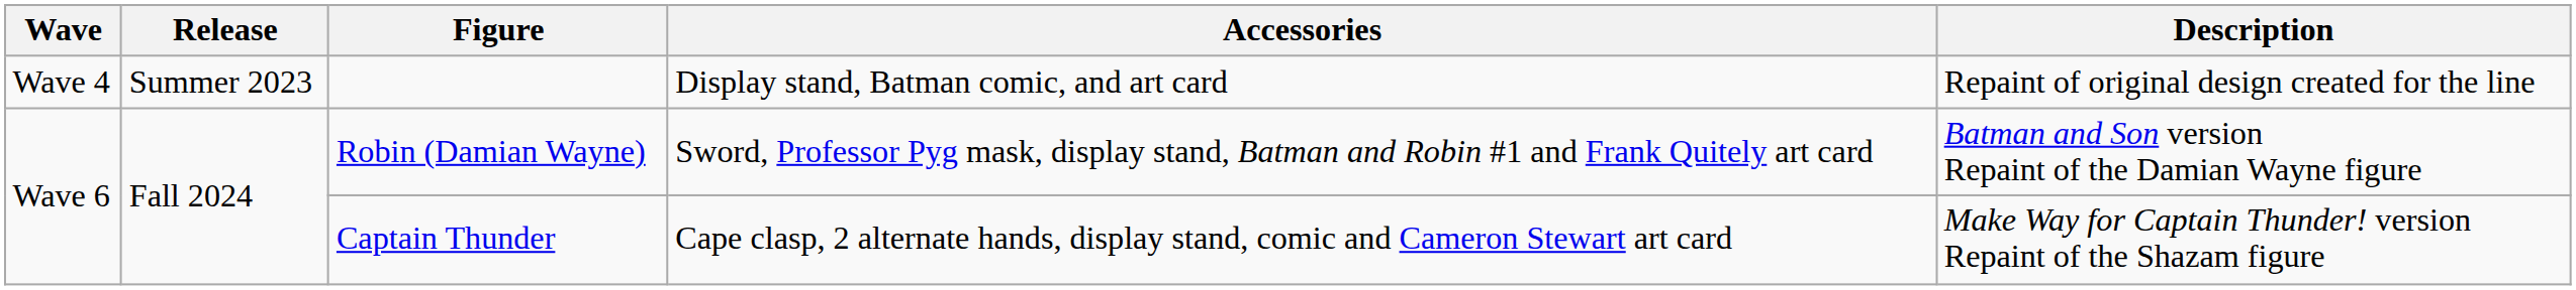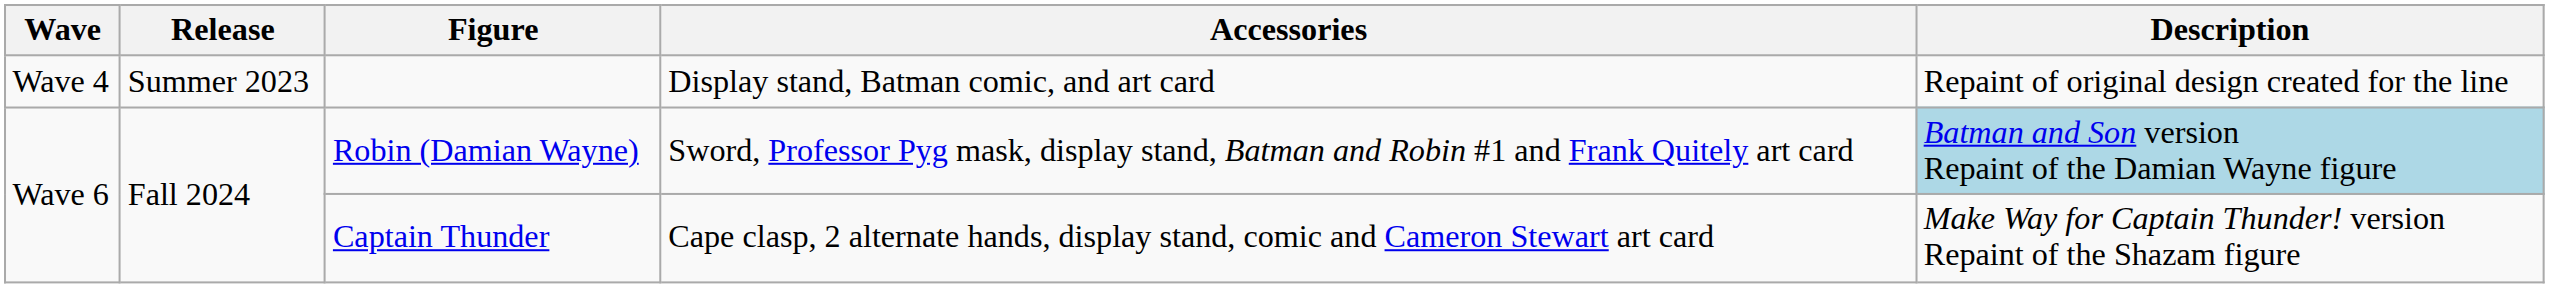 <table class="wikitable" style="width:100%;">
 <tr>
 <th scope="col" width="50">Wave</th>
 <th scope="col">Release</th>
 <th scope="col">Figure</th>
 <th scope="col">Accessories</th>
 <th scope="col">Description</th>
 </tr>
 <tr>
 <td>Wave 4</td>
 <td>Summer 2023</td>
 <td></td>
 <td>Display stand, Batman comic, and art card</td>
 <td>Repaint of original design created for the line</td>
 </tr>
 <tr>
 <td rowspan=2>Wave 6</td>
 <td rowspan=2>Fall 2024</td>
 <td><a href='#'>Robin (Damian Wayne)</a></td>
 <td>Sword, <a href='#'>Professor Pyg</a> mask, display stand, <em>Batman and Robin</em> #1 and <a href='#'>Frank Quitely</a> art card</td>
-<td><em><a href='#'>Batman and Son</a></em> version<br>Repaint of the Damian Wayne figure</td>
+<td style="background: lightblue;"><em><a href='#'>Batman and Son</a></em> version<br>Repaint of the Damian Wayne figure</td>
 </tr>
 <tr>
 <td><a href='#'>Captain Thunder</a></td>
 <td>Cape clasp, 2 alternate hands, display stand, comic and <a href='#'>Cameron Stewart</a> art card</td>
 <td><em>Make Way for Captain Thunder!</em> version<br>Repaint of the Shazam figure</td>
 </tr>
 </table>
